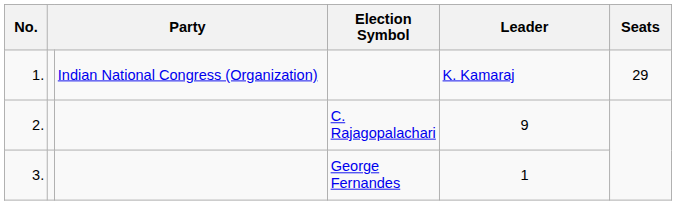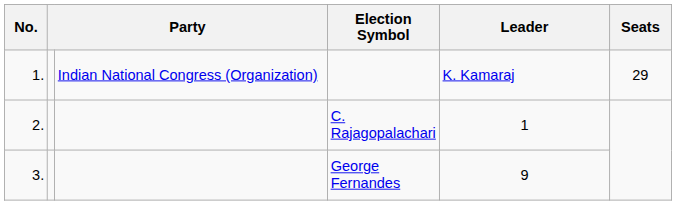 <table class="wikitable">
 <tr style="height: 50px;">
 <th scope="col" style="width:40px;">No.<br></th>
 <th scope="col" style="width:300px;"colspan="2">Party</th>
 <th scope="col" style="width:80px;">Election Symbol</th>
 <th scope="col" style="width:180px;">Leader</th>
 <th scope="col" style="width:60px;">Seats</th>
 </tr>
 <tr style="height: 55px;">
 <td style="text-align:right;">1.</td>
 <td></td>
 <td><a href='#'>Indian National Congress (Organization)</a></td>
 <td style="text-align:center;"></td>
 <td><a href='#'>K. Kamaraj</a></td>
 <td style="text-align:center;">29</td>
 </tr>
 <tr style="height: 55px;">
 <td style="text-align:right;">2.</td>
 <td></td>
 <td style="text-align:center;"></td>
 <td><a href='#'>C. Rajagopalachari</a></td>
-<td style="text-align:center;">9</td>
+<td style="text-align:center;">1</td>
 </tr>
 <tr style="height: 55px;">
 <td style="text-align:right;">3.</td>
 <td></td>
 <td style="text-align:center;"></td>
 <td><a href='#'>George Fernandes</a></td>
-<td style="text-align:center;">1</td>
+<td style="text-align:center;">9</td>
 </tr>
 </table>
